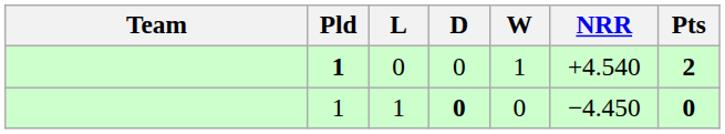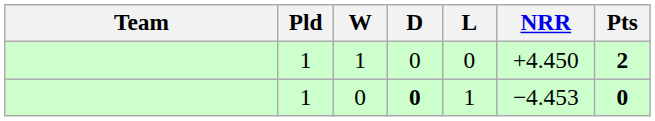 <table class=wikitable style="text-align:center">
 <tr>
 <th width=180>Team</th>
 <th width=30>Pld</th>
+<th width=30>W</th>
+<th width=30>D</th>
 <th width=30>L</th>
-<th width=30>D</th>
-<th width=30>W</th>
 <th width=60><a href='#'>NRR</a></th>
 <th width=30>Pts</th>
 </tr>
 <tr style="background:#cfc;">
 <td align="left"></td>
-<td><strong>1</strong></td>
+<td>1</td>
+<td>1</td>
 <td>0</td>
 <td>0</td>
-<td>1</td>
-<td>+4.540</td>
+<td>+4.450</td>
 <td><strong>2</strong></td>
 </tr>
 <tr style="background:#cfc;">
 <td style="text-align:left"></td>
 <td>1</td>
+<td>0</td>
+<td><strong>0</strong></td>
 <td>1</td>
-<td><strong>0</strong></td>
-<td>0</td>
-<td>−4.450</td>
+<td>−4.453</td>
 <td><strong>0</strong></td>
 </tr>
 </table>
